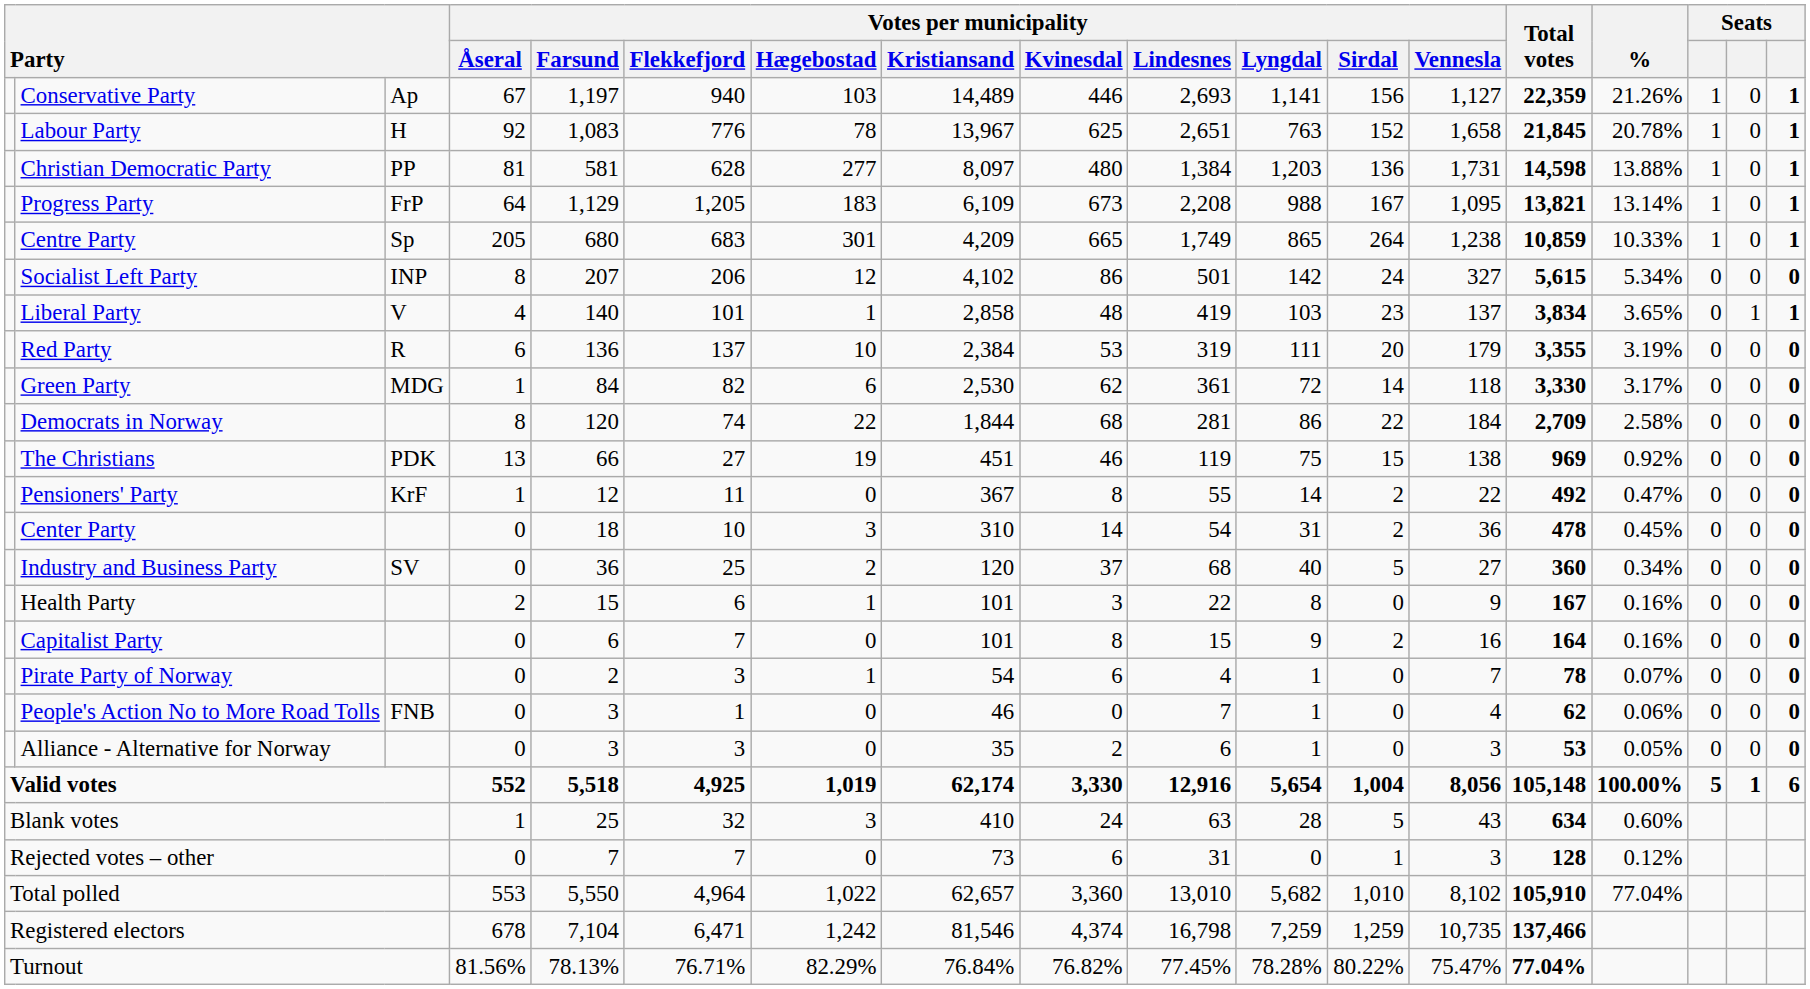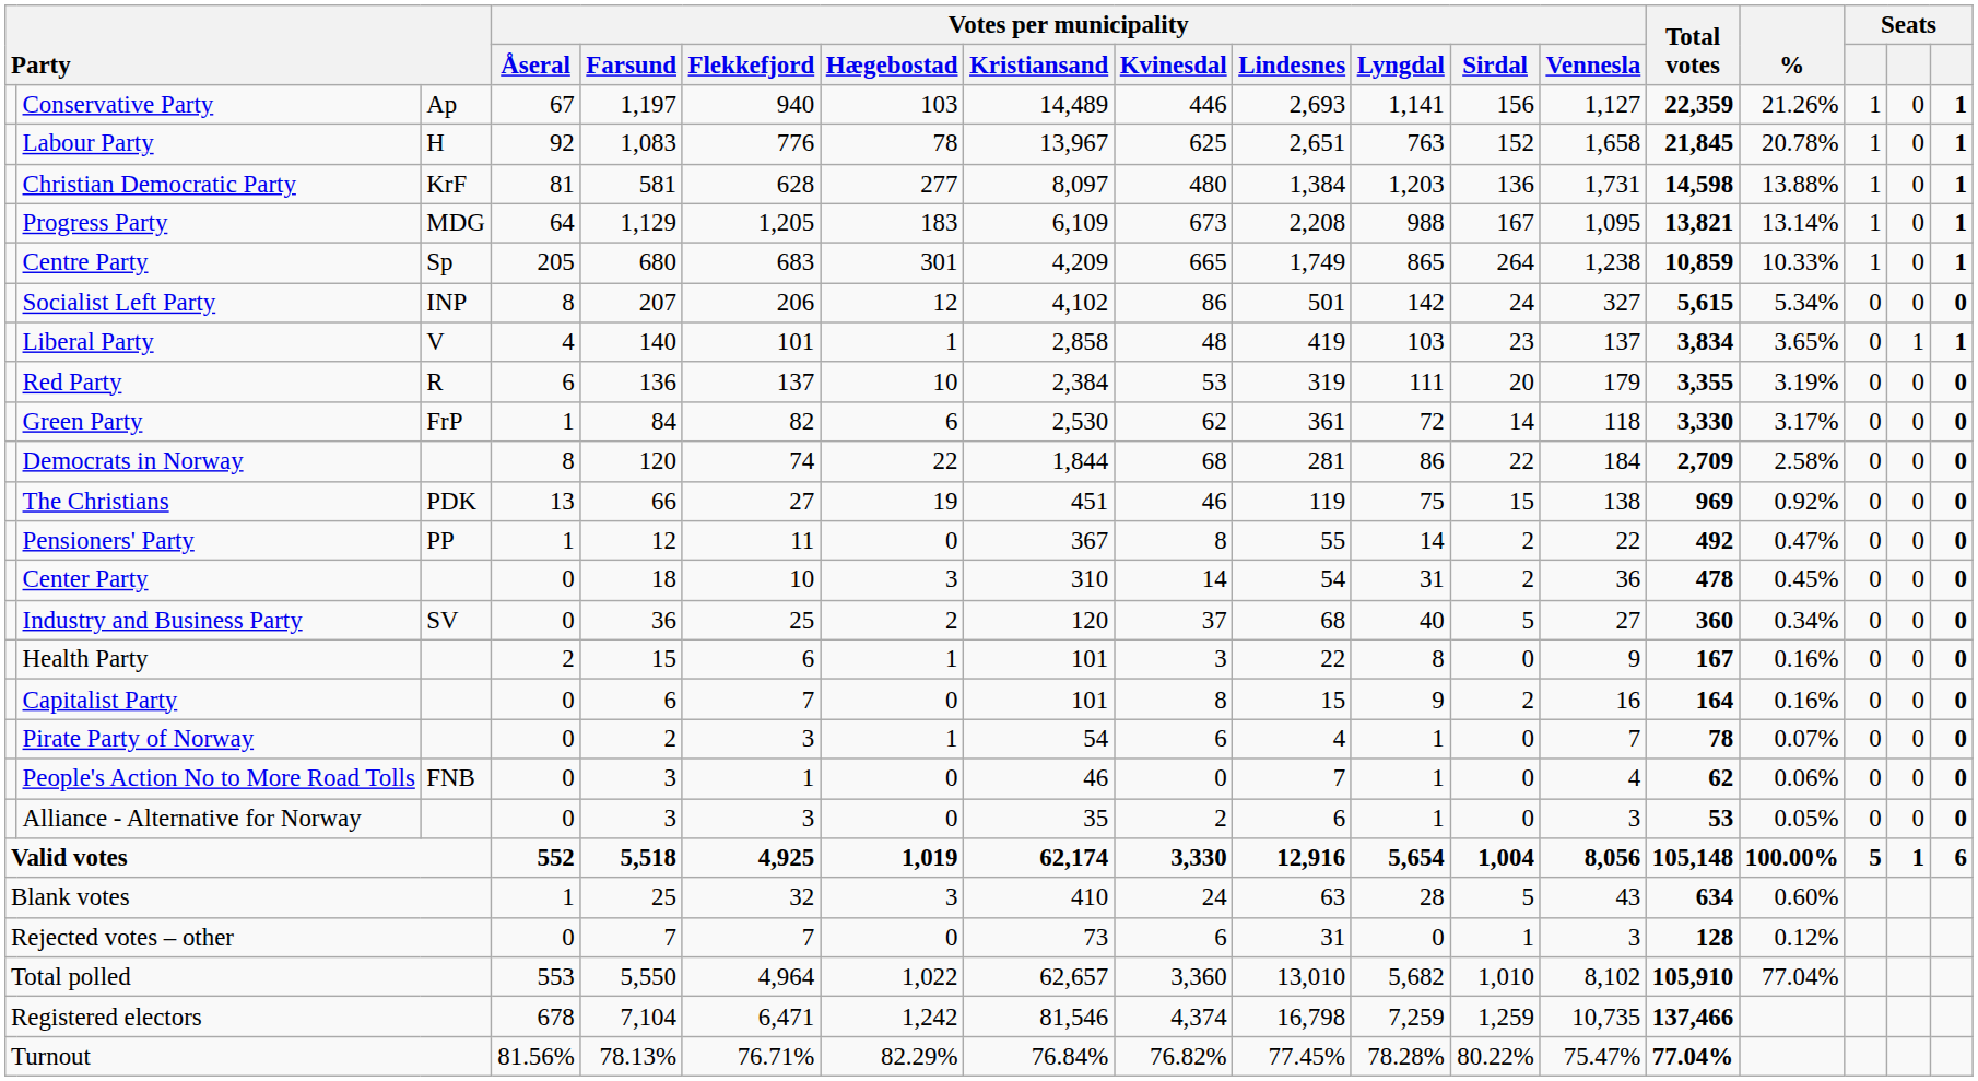 <table class="wikitable" border="1" style="text-align:right;">
 <tr>
 <th style="text-align:left;" valign=bottom rowspan=2 colspan=3>Party</th>
 <th colspan=10>Votes per municipality</th>
 <th align=center valign=bottom rowspan=2 width="50">Total<br>votes</th>
 <th align=center valign=bottom rowspan=2 width="50">%</th>
 <th colspan=3>Seats</th>
 </tr>
 <tr>
 <th align=center valign=bottom width="50"><a href='#'>Åseral</a></th>
 <th align=center valign=bottom width="50"><a href='#'>Farsund</a></th>
 <th align=center valign=bottom width="50"><a href='#'>Flekkefjord</a></th>
 <th align=center valign=bottom width="50"><a href='#'>Hægebostad</a></th>
 <th align=center valign=bottom width="50"><a href='#'>Kristiansand</a></th>
 <th align=center valign=bottom width="50"><a href='#'>Kvinesdal</a></th>
 <th align=center valign=bottom width="50"><a href='#'>Lindesnes</a></th>
 <th align=center valign=bottom width="50"><a href='#'>Lyngdal</a></th>
 <th align=center valign=bottom width="50"><a href='#'>Sirdal</a></th>
 <th align=center valign=bottom width="50"><a href='#'>Vennesla</a></th>
 <th align=center valign=bottom width="20"><small></small></th>
 <th align=center valign=bottom width="20"><small><a href='#'></a></small></th>
 <th align=center valign=bottom width="20"><small></small></th>
 </tr>
 <tr>
 <td style="color:inherit;background:"></td>
 <td align=left><a href='#'>Conservative Party</a></td>
 <td align=left>Ap</td>
 <td>67</td>
 <td>1,197</td>
 <td>940</td>
 <td>103</td>
 <td>14,489</td>
 <td>446</td>
 <td>2,693</td>
 <td>1,141</td>
 <td>156</td>
 <td>1,127</td>
 <td><strong>22,359</strong></td>
 <td>21.26%</td>
 <td>1</td>
 <td>0</td>
 <td><strong>1</strong></td>
 </tr>
 <tr>
 <td style="color:inherit;background:"></td>
 <td align=left><a href='#'>Labour Party</a></td>
 <td align=left>H</td>
 <td>92</td>
 <td>1,083</td>
 <td>776</td>
 <td>78</td>
 <td>13,967</td>
 <td>625</td>
 <td>2,651</td>
 <td>763</td>
 <td>152</td>
 <td>1,658</td>
 <td><strong>21,845</strong></td>
 <td>20.78%</td>
 <td>1</td>
 <td>0</td>
 <td><strong>1</strong></td>
 </tr>
 <tr>
 <td style="color:inherit;background:"></td>
 <td align=left><a href='#'>Christian Democratic Party</a></td>
-<td align=left>PP</td>
+<td align=left>KrF</td>
 <td>81</td>
 <td>581</td>
 <td>628</td>
 <td>277</td>
 <td>8,097</td>
 <td>480</td>
 <td>1,384</td>
 <td>1,203</td>
 <td>136</td>
 <td>1,731</td>
 <td><strong>14,598</strong></td>
 <td>13.88%</td>
 <td>1</td>
 <td>0</td>
 <td><strong>1</strong></td>
 </tr>
 <tr>
 <td style="color:inherit;background:"></td>
 <td align=left><a href='#'>Progress Party</a></td>
-<td align=left>FrP</td>
+<td align=left>MDG</td>
 <td>64</td>
 <td>1,129</td>
 <td>1,205</td>
 <td>183</td>
 <td>6,109</td>
 <td>673</td>
 <td>2,208</td>
 <td>988</td>
 <td>167</td>
 <td>1,095</td>
 <td><strong>13,821</strong></td>
 <td>13.14%</td>
 <td>1</td>
 <td>0</td>
 <td><strong>1</strong></td>
 </tr>
 <tr>
 <td style="color:inherit;background:"></td>
 <td align=left><a href='#'>Centre Party</a></td>
 <td align=left>Sp</td>
 <td>205</td>
 <td>680</td>
 <td>683</td>
 <td>301</td>
 <td>4,209</td>
 <td>665</td>
 <td>1,749</td>
 <td>865</td>
 <td>264</td>
 <td>1,238</td>
 <td><strong>10,859</strong></td>
 <td>10.33%</td>
 <td>1</td>
 <td>0</td>
 <td><strong>1</strong></td>
 </tr>
 <tr>
 <td style="color:inherit;background:"></td>
 <td align=left><a href='#'>Socialist Left Party</a></td>
 <td align=left>INP</td>
 <td>8</td>
 <td>207</td>
 <td>206</td>
 <td>12</td>
 <td>4,102</td>
 <td>86</td>
 <td>501</td>
 <td>142</td>
 <td>24</td>
 <td>327</td>
 <td><strong>5,615</strong></td>
 <td>5.34%</td>
 <td>0</td>
 <td>0</td>
 <td><strong>0</strong></td>
 </tr>
 <tr>
 <td style="color:inherit;background:"></td>
 <td align=left><a href='#'>Liberal Party</a></td>
 <td align=left>V</td>
 <td>4</td>
 <td>140</td>
 <td>101</td>
 <td>1</td>
 <td>2,858</td>
 <td>48</td>
 <td>419</td>
 <td>103</td>
 <td>23</td>
 <td>137</td>
 <td><strong>3,834</strong></td>
 <td>3.65%</td>
 <td>0</td>
 <td>1</td>
 <td><strong>1</strong></td>
 </tr>
 <tr>
 <td style="color:inherit;background:"></td>
 <td align=left><a href='#'>Red Party</a></td>
 <td align=left>R</td>
 <td>6</td>
 <td>136</td>
 <td>137</td>
 <td>10</td>
 <td>2,384</td>
 <td>53</td>
 <td>319</td>
 <td>111</td>
 <td>20</td>
 <td>179</td>
 <td><strong>3,355</strong></td>
 <td>3.19%</td>
 <td>0</td>
 <td>0</td>
 <td><strong>0</strong></td>
 </tr>
 <tr>
 <td style="color:inherit;background:"></td>
 <td align=left><a href='#'>Green Party</a></td>
-<td align=left>MDG</td>
+<td align=left>FrP</td>
 <td>1</td>
 <td>84</td>
 <td>82</td>
 <td>6</td>
 <td>2,530</td>
 <td>62</td>
 <td>361</td>
 <td>72</td>
 <td>14</td>
 <td>118</td>
 <td><strong>3,330</strong></td>
 <td>3.17%</td>
 <td>0</td>
 <td>0</td>
 <td><strong>0</strong></td>
 </tr>
 <tr>
 <td style="color:inherit;background:"></td>
 <td align=left><a href='#'>Democrats in Norway</a></td>
 <td align=left></td>
 <td>8</td>
 <td>120</td>
 <td>74</td>
 <td>22</td>
 <td>1,844</td>
 <td>68</td>
 <td>281</td>
 <td>86</td>
 <td>22</td>
 <td>184</td>
 <td><strong>2,709</strong></td>
 <td>2.58%</td>
 <td>0</td>
 <td>0</td>
 <td><strong>0</strong></td>
 </tr>
 <tr>
 <td style="color:inherit;background:"></td>
 <td align=left><a href='#'>The Christians</a></td>
 <td align=left>PDK</td>
 <td>13</td>
 <td>66</td>
 <td>27</td>
 <td>19</td>
 <td>451</td>
 <td>46</td>
 <td>119</td>
 <td>75</td>
 <td>15</td>
 <td>138</td>
 <td><strong>969</strong></td>
 <td>0.92%</td>
 <td>0</td>
 <td>0</td>
 <td><strong>0</strong></td>
 </tr>
 <tr>
 <td style="color:inherit;background:"></td>
 <td align=left><a href='#'>Pensioners' Party</a></td>
-<td align=left>KrF</td>
+<td align=left>PP</td>
 <td>1</td>
 <td>12</td>
 <td>11</td>
 <td>0</td>
 <td>367</td>
 <td>8</td>
 <td>55</td>
 <td>14</td>
 <td>2</td>
 <td>22</td>
 <td><strong>492</strong></td>
 <td>0.47%</td>
 <td>0</td>
 <td>0</td>
 <td><strong>0</strong></td>
 </tr>
 <tr>
 <td style="color:inherit;background:"></td>
 <td align=left><a href='#'>Center Party</a></td>
 <td align=left></td>
 <td>0</td>
 <td>18</td>
 <td>10</td>
 <td>3</td>
 <td>310</td>
 <td>14</td>
 <td>54</td>
 <td>31</td>
 <td>2</td>
 <td>36</td>
 <td><strong>478</strong></td>
 <td>0.45%</td>
 <td>0</td>
 <td>0</td>
 <td><strong>0</strong></td>
 </tr>
 <tr>
 <td style="color:inherit;background:"></td>
 <td align=left><a href='#'>Industry and Business Party</a></td>
 <td align=left>SV</td>
 <td>0</td>
 <td>36</td>
 <td>25</td>
 <td>2</td>
 <td>120</td>
 <td>37</td>
 <td>68</td>
 <td>40</td>
 <td>5</td>
 <td>27</td>
 <td><strong>360</strong></td>
 <td>0.34%</td>
 <td>0</td>
 <td>0</td>
 <td><strong>0</strong></td>
 </tr>
 <tr>
 <td></td>
 <td align=left>Health Party</td>
 <td align=left></td>
 <td>2</td>
 <td>15</td>
 <td>6</td>
 <td>1</td>
 <td>101</td>
 <td>3</td>
 <td>22</td>
 <td>8</td>
 <td>0</td>
 <td>9</td>
 <td><strong>167</strong></td>
 <td>0.16%</td>
 <td>0</td>
 <td>0</td>
 <td><strong>0</strong></td>
 </tr>
 <tr>
 <td style="color:inherit;background:"></td>
 <td align=left><a href='#'>Capitalist Party</a></td>
 <td align=left></td>
 <td>0</td>
 <td>6</td>
 <td>7</td>
 <td>0</td>
 <td>101</td>
 <td>8</td>
 <td>15</td>
 <td>9</td>
 <td>2</td>
 <td>16</td>
 <td><strong>164</strong></td>
 <td>0.16%</td>
 <td>0</td>
 <td>0</td>
 <td><strong>0</strong></td>
 </tr>
 <tr>
 <td style="color:inherit;background:"></td>
 <td align=left><a href='#'>Pirate Party of Norway</a></td>
 <td align=left></td>
 <td>0</td>
 <td>2</td>
 <td>3</td>
 <td>1</td>
 <td>54</td>
 <td>6</td>
 <td>4</td>
 <td>1</td>
 <td>0</td>
 <td>7</td>
 <td><strong>78</strong></td>
 <td>0.07%</td>
 <td>0</td>
 <td>0</td>
 <td><strong>0</strong></td>
 </tr>
 <tr>
 <td style="color:inherit;background:"></td>
 <td align=left><a href='#'>People's Action No to More Road Tolls</a></td>
 <td align=left>FNB</td>
 <td>0</td>
 <td>3</td>
 <td>1</td>
 <td>0</td>
 <td>46</td>
 <td>0</td>
 <td>7</td>
 <td>1</td>
 <td>0</td>
 <td>4</td>
 <td><strong>62</strong></td>
 <td>0.06%</td>
 <td>0</td>
 <td>0</td>
 <td><strong>0</strong></td>
 </tr>
 <tr>
 <td></td>
 <td align=left>Alliance - Alternative for Norway</td>
 <td align=left></td>
 <td>0</td>
 <td>3</td>
 <td>3</td>
 <td>0</td>
 <td>35</td>
 <td>2</td>
 <td>6</td>
 <td>1</td>
 <td>0</td>
 <td>3</td>
 <td><strong>53</strong></td>
 <td>0.05%</td>
 <td>0</td>
 <td>0</td>
 <td><strong>0</strong></td>
 </tr>
 <tr style="font-weight:bold">
 <td align=left colspan=3>Valid votes</td>
 <td>552</td>
 <td>5,518</td>
 <td>4,925</td>
 <td>1,019</td>
 <td>62,174</td>
 <td>3,330</td>
 <td>12,916</td>
 <td>5,654</td>
 <td>1,004</td>
 <td>8,056</td>
 <td>105,148</td>
 <td>100.00%</td>
 <td>5</td>
 <td>1</td>
 <td>6</td>
 </tr>
 <tr>
 <td align=left colspan=3>Blank votes</td>
 <td>1</td>
 <td>25</td>
 <td>32</td>
 <td>3</td>
 <td>410</td>
 <td>24</td>
 <td>63</td>
 <td>28</td>
 <td>5</td>
 <td>43</td>
 <td><strong>634</strong></td>
 <td>0.60%</td>
 <td></td>
 <td></td>
 <td></td>
 </tr>
 <tr>
 <td align=left colspan=3>Rejected votes – other</td>
 <td>0</td>
 <td>7</td>
 <td>7</td>
 <td>0</td>
 <td>73</td>
 <td>6</td>
 <td>31</td>
 <td>0</td>
 <td>1</td>
 <td>3</td>
 <td><strong>128</strong></td>
 <td>0.12%</td>
 <td></td>
 <td></td>
 <td></td>
 </tr>
 <tr>
 <td align=left colspan=3>Total polled</td>
 <td>553</td>
 <td>5,550</td>
 <td>4,964</td>
 <td>1,022</td>
 <td>62,657</td>
 <td>3,360</td>
 <td>13,010</td>
 <td>5,682</td>
 <td>1,010</td>
 <td>8,102</td>
 <td><strong>105,910</strong></td>
 <td>77.04%</td>
 <td></td>
 <td></td>
 <td></td>
 </tr>
 <tr>
 <td align=left colspan=3>Registered electors</td>
 <td>678</td>
 <td>7,104</td>
 <td>6,471</td>
 <td>1,242</td>
 <td>81,546</td>
 <td>4,374</td>
 <td>16,798</td>
 <td>7,259</td>
 <td>1,259</td>
 <td>10,735</td>
 <td><strong>137,466</strong></td>
 <td></td>
 <td></td>
 <td></td>
 <td></td>
 </tr>
 <tr>
 <td align=left colspan=3>Turnout</td>
 <td>81.56%</td>
 <td>78.13%</td>
 <td>76.71%</td>
 <td>82.29%</td>
 <td>76.84%</td>
 <td>76.82%</td>
 <td>77.45%</td>
 <td>78.28%</td>
 <td>80.22%</td>
 <td>75.47%</td>
 <td><strong>77.04%</strong></td>
 <td></td>
 <td></td>
 <td></td>
 <td></td>
 </tr>
 </table>
